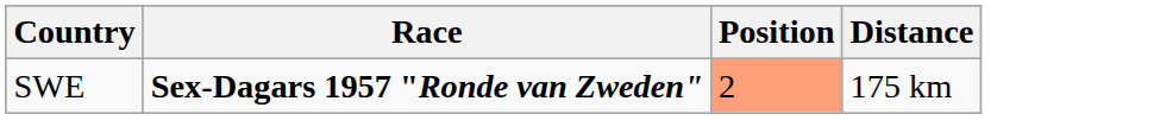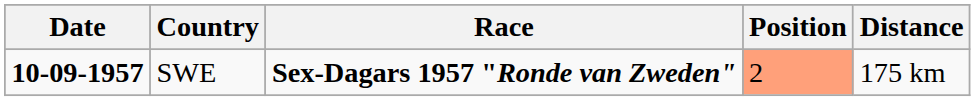 <table class="wikitable">
 <tr>
+<th>Date</th>
 <th>Country</th>
 <th>Race</th>
 <th>Position</th>
 <th>Distance</th>
 </tr>
 <tr>
+<td><strong>10-09-1957</strong></td>
 <td> SWE</td>
 <td><strong>Sex-Dagars 1957 "<em>Ronde van Zweden"<strong><em></td>
 <td style="background: lightsalmon;">2</td>
 <td></strong>175 km<strong></td>
 </tr>
 </table>
